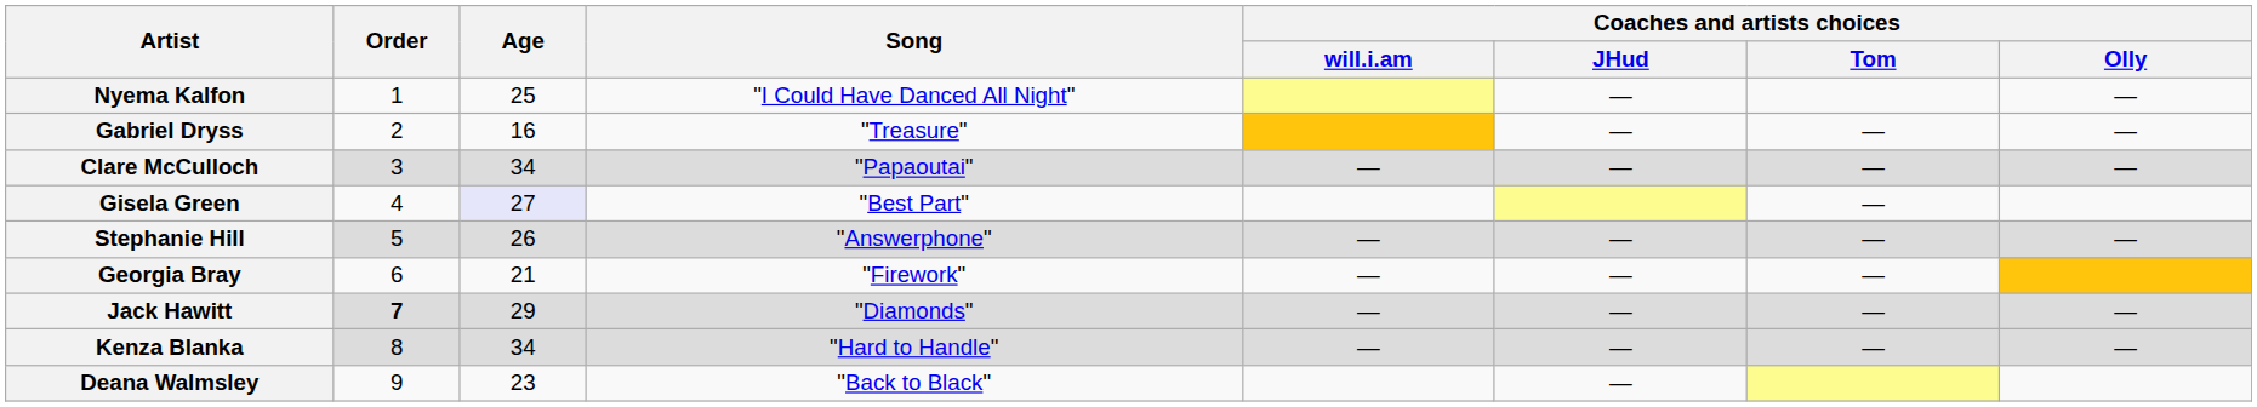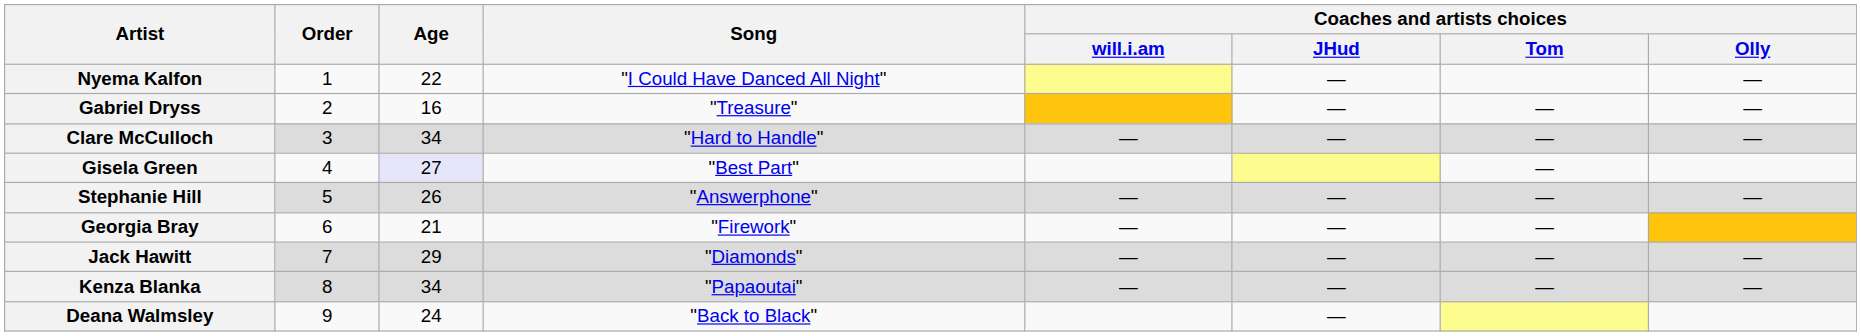 <table class="wikitable" style="text-align:center; width:100%;">
 <tr>
 <th rowspan="2" scope="col" style="width:13%;">Artist</th>
 <th rowspan="2" scope="col" style="width:05%;">Order</th>
 <th rowspan="2" scope="col" style="width:05%;">Age</th>
 <th rowspan="2" scope="col" style="width:26%;">Song</th>
 <th colspan="4" style="width:40%;">Coaches and artists choices</th>
 </tr>
 <tr>
 <th style="width:10%;"><a href='#'>will.i.am</a></th>
 <th style="width:10%;"><a href='#'>JHud</a></th>
 <th style="width:10%;"><a href='#'>Tom</a></th>
 <th style="width:10%;"><a href='#'>Olly</a></th>
 </tr>
 <tr>
 <th scope="row">Nyema Kalfon</th>
 <td>1</td>
-<td>25</td>
+<td>22</td>
 <td>"<a href='#'>I Could Have Danced All Night</a>"</td>
 <td style="background:#fdfc8f;"><strong></strong></td>
 <td>—</td>
 <td><strong></strong></td>
 <td>—</td>
 </tr>
 <tr>
 <th>Gabriel Dryss</th>
 <td>2</td>
 <td>16</td>
 <td>"<a href='#'>Treasure</a>"</td>
 <td style="background:#FFC40C;text-align:center;"><strong></strong></td>
 <td>—</td>
 <td>—</td>
 <td>—</td>
 </tr>
 <tr style="background:#DCDCDC;">
 <th>Clare McCulloch</th>
 <td>3</td>
 <td>34</td>
-<td>"<a href='#'>Papaoutai</a>"</td>
+<td>"<a href='#'>Hard to Handle</a>"</td>
 <td>—</td>
 <td>—</td>
 <td>—</td>
 <td>—</td>
 </tr>
 <tr>
 <th>Gisela Green</th>
 <td>4</td>
 <td style="background: lavender;">27</td>
 <td>"<a href='#'>Best Part</a>"</td>
 <td><strong></strong></td>
 <td style="background:#fdfc8f;"><strong></strong></td>
 <td>—</td>
 <td><strong></strong></td>
 </tr>
 <tr style="background:#DCDCDC;">
 <th>Stephanie Hill</th>
 <td>5</td>
 <td>26</td>
 <td>"<a href='#'>Answerphone</a>"</td>
 <td>—</td>
 <td>—</td>
 <td>—</td>
 <td>—</td>
 </tr>
 <tr>
 <th>Georgia Bray</th>
 <td>6</td>
 <td>21</td>
 <td>"<a href='#'>Firework</a>"</td>
 <td>—</td>
 <td>—</td>
 <td>—</td>
 <td style="background:#FFC40C;text-align:center;"><strong></strong></td>
 </tr>
 <tr style="background:#DCDCDC;">
 <th>Jack Hawitt</th>
-<td><strong>7</strong></td>
+<td>7</td>
 <td>29</td>
 <td>"<a href='#'>Diamonds</a>"</td>
 <td>—</td>
 <td>—</td>
 <td>—</td>
 <td>—</td>
 </tr>
 <tr style="background:#DCDCDC;">
 <th>Kenza Blanka</th>
 <td>8</td>
 <td>34</td>
-<td>"<a href='#'>Hard to Handle</a>"</td>
+<td>"<a href='#'>Papaoutai</a>"</td>
 <td>—</td>
 <td>—</td>
 <td>—</td>
 <td>—</td>
 </tr>
 <tr>
 <th>Deana Walmsley</th>
 <td>9</td>
-<td>23</td>
+<td>24</td>
 <td>"<a href='#'>Back to Black</a>"</td>
 <td><strong></strong></td>
 <td>—</td>
 <td style="background:#fdfc8f;"><strong></strong></td>
 <td><strong></strong></td>
 </tr>
 </table>
